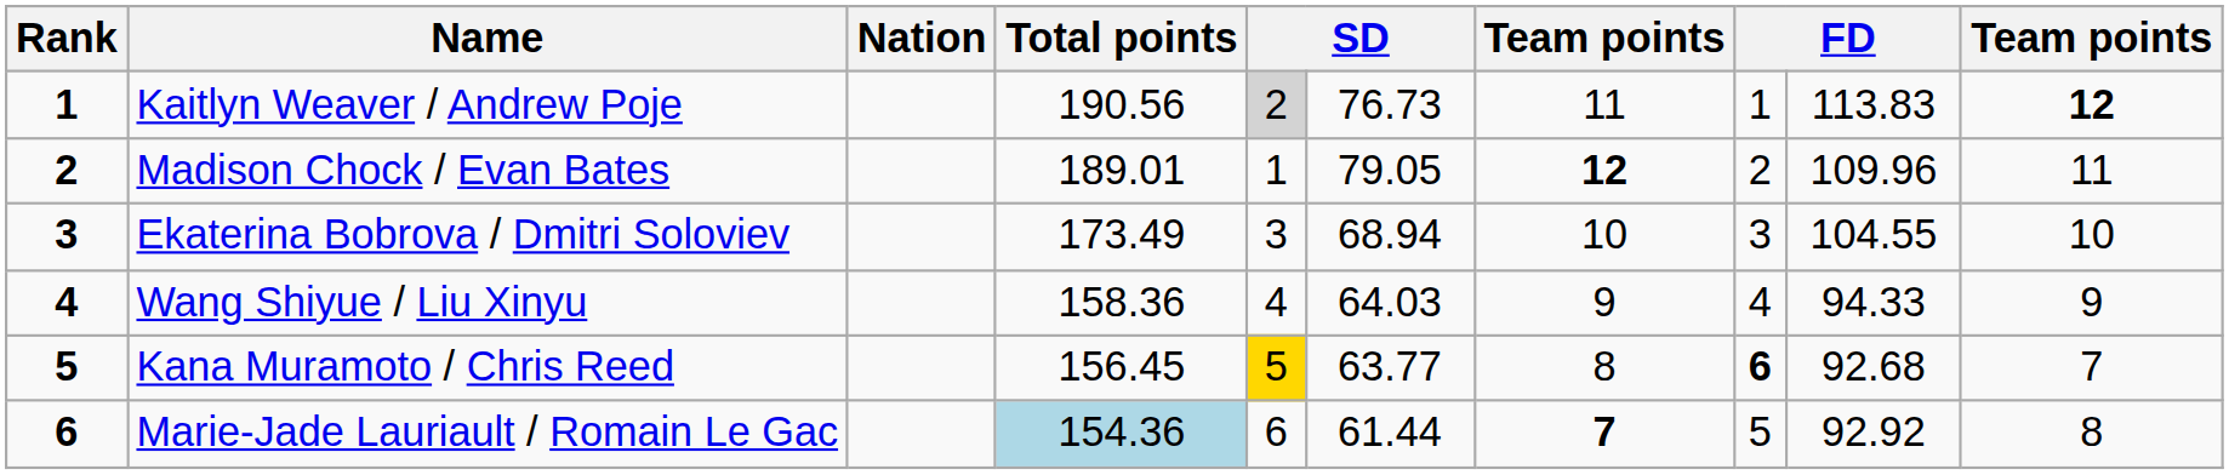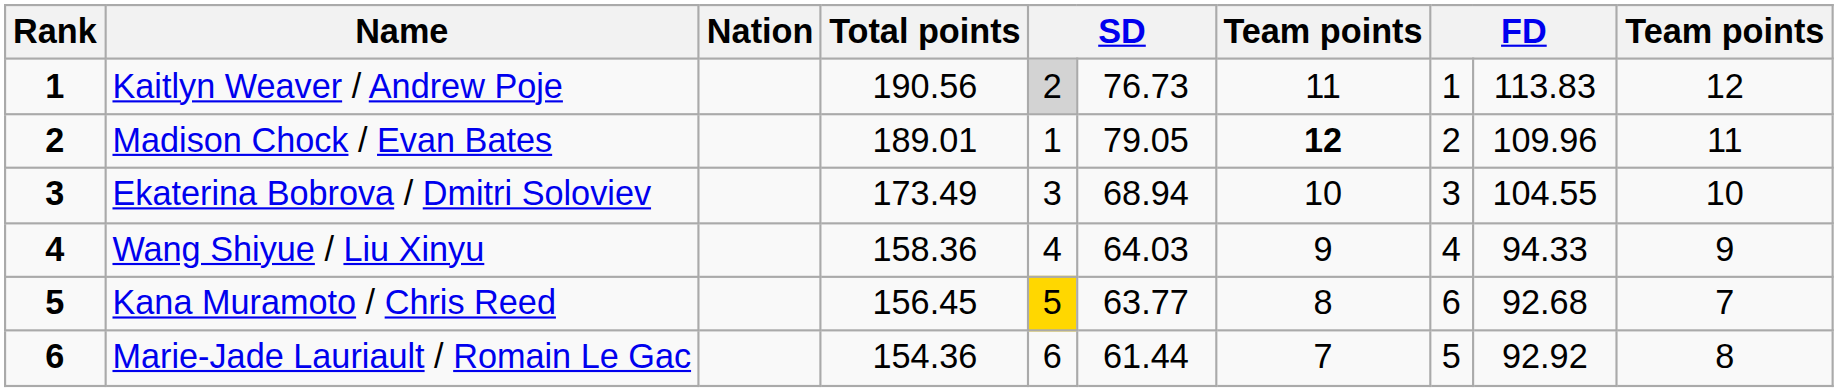 <table class="wikitable sortable">
 <tr>
 <th>Rank</th>
 <th>Name</th>
 <th>Nation</th>
 <th>Total points</th>
 <th colspan="2" width="80px"><a href='#'>SD</a></th>
 <th>Team points</th>
 <th colspan="2" width="80px"><a href='#'>FD</a></th>
 <th>Team points</th>
 </tr>
 <tr>
 <td style="text-align: center;"><strong>1</strong></td>
 <td><a href='#'>Kaitlyn Weaver</a> / <a href='#'>Andrew Poje</a></td>
 <td></td>
 <td style="text-align: center;">190.56</td>
 <td style="background: lightgrey; text-align: center;">2</td>
 <td style="text-align: center;">76.73</td>
 <td style="text-align: center;">11</td>
 <td style="text-align: center;">1</td>
 <td style="text-align: center;">113.83</td>
-<td style="text-align: center;"><strong>12</strong></td>
+<td style="text-align: center;">12</td>
 </tr>
 <tr>
 <td style="text-align: center;"><strong>2</strong></td>
 <td><a href='#'>Madison Chock</a> / <a href='#'>Evan Bates</a></td>
 <td></td>
 <td style="text-align: center;">189.01</td>
 <td style="text-align: center;">1</td>
 <td style="text-align: center;">79.05</td>
 <td style="text-align: center;"><strong>12</strong></td>
 <td style="text-align: center;">2</td>
 <td style="text-align: center;">109.96</td>
 <td style="text-align: center;">11</td>
 </tr>
 <tr>
 <td style="text-align: center;"><strong>3</strong></td>
 <td><a href='#'>Ekaterina Bobrova</a> / <a href='#'>Dmitri Soloviev</a></td>
 <td></td>
 <td style="text-align: center;">173.49</td>
 <td style="text-align: center;">3</td>
 <td style="text-align: center;">68.94</td>
 <td style="text-align: center;">10</td>
 <td style="text-align: center;">3</td>
 <td style="text-align: center;">104.55</td>
 <td style="text-align: center;">10</td>
 </tr>
 <tr>
 <td style="text-align: center;"><strong>4</strong></td>
 <td><a href='#'>Wang Shiyue</a> / <a href='#'>Liu Xinyu</a></td>
 <td></td>
 <td style="text-align: center;">158.36</td>
 <td style="text-align: center;">4</td>
 <td style="text-align: center;">64.03</td>
 <td style="text-align: center;">9</td>
 <td style="text-align: center;">4</td>
 <td style="text-align: center;">94.33</td>
 <td style="text-align: center;">9</td>
 </tr>
 <tr>
 <td style="text-align: center;"><strong>5</strong></td>
 <td><a href='#'>Kana Muramoto</a> / <a href='#'>Chris Reed</a></td>
 <td></td>
 <td style="text-align: center;">156.45</td>
 <td style="background: gold; text-align: center;">5</td>
 <td style="text-align: center;">63.77</td>
 <td style="text-align: center;">8</td>
-<td style="text-align: center;"><strong>6</strong></td>
+<td style="text-align: center;">6</td>
 <td style="text-align: center;">92.68</td>
 <td style="text-align: center;">7</td>
 </tr>
 <tr>
 <td style="text-align: center;"><strong>6</strong></td>
 <td><a href='#'>Marie-Jade Lauriault</a> / <a href='#'>Romain Le Gac</a></td>
 <td></td>
-<td style="background: lightblue; text-align: center;">154.36</td>
+<td style="text-align: center;">154.36</td>
 <td style="text-align: center;">6</td>
 <td style="text-align: center;">61.44</td>
-<td style="text-align: center;"><strong>7</strong></td>
+<td style="text-align: center;">7</td>
 <td style="text-align: center;">5</td>
 <td style="text-align: center;">92.92</td>
 <td style="text-align: center;">8</td>
 </tr>
 </table>
